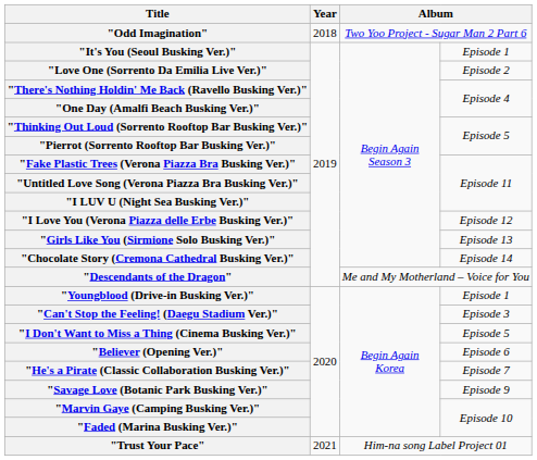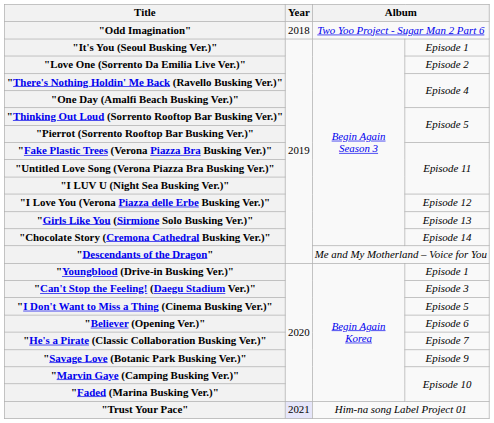 <table class="wikitable plainrowheaders" style="text-align:center;">
 <tr>
 <th>Title</th>
 <th>Year</th>
 <th colspan="2">Album</th>
 </tr>
 <tr>
 <th scope="row">"Odd Imagination" </th>
 <td>2018</td>
 <td colspan="2"><em><a href='#'>Two Yoo Project - Sugar Man 2 Part 6</a></em></td>
 </tr>
 <tr>
 <th scope="row">"It's You (Seoul Busking Ver.)" </th>
 <td rowspan="13">2019</td>
 <td rowspan="12"><em><a href='#'>Begin Again<br>Season 3</a></em></td>
 <td rowspan="1"><em>Episode 1</em></td>
 </tr>
 <tr>
 <th scope="row">"Love One (Sorrento Da Emilia Live Ver.)" </th>
 <td rowspan="1"><em>Episode 2</em></td>
 </tr>
 <tr>
 <th scope="row">"<a href='#'>There's Nothing Holdin' Me Back</a> (Ravello Busking Ver.)" </th>
 <td rowspan="2"><em>Episode 4</em></td>
 </tr>
 <tr>
 <th scope="row">"One Day (Amalfi Beach Busking Ver.)" </th>
 </tr>
 <tr>
 <th scope="row">"<a href='#'>Thinking Out Loud</a> (Sorrento Rooftop Bar Busking Ver.)" </th>
 <td rowspan="2"><em>Episode 5</em></td>
 </tr>
 <tr>
 <th scope="row">"Pierrot (Sorrento Rooftop Bar Busking Ver.)" </th>
 </tr>
 <tr>
 <th scope="row">"<a href='#'>Fake Plastic Trees</a> (Verona <a href='#'>Piazza Bra</a> Busking Ver.)" </th>
 <td rowspan="3"><em>Episode 11</em></td>
 </tr>
 <tr>
 <th scope="row">"Untitled Love Song (Verona Piazza Bra Busking Ver.)" </th>
 </tr>
 <tr>
 <th scope="row">"I LUV U (Night Sea Busking Ver.)" </th>
 </tr>
 <tr>
 <th scope="row">"I Love You (Verona <a href='#'>Piazza delle Erbe</a> Busking Ver.)" </th>
 <td rowspan="1"><em>Episode 12</em></td>
 </tr>
 <tr>
 <th scope="row">"<a href='#'>Girls Like You</a> (<a href='#'>Sirmione</a> Solo Busking Ver.)"</th>
 <td rowspan="1"><em>Episode 13</em></td>
 </tr>
 <tr>
 <th scope="row">"Chocolate Story (<a href='#'>Cremona Cathedral</a> Busking Ver.)" </th>
 <td rowspan="1"><em>Episode 14</em></td>
 </tr>
 <tr>
 <th scope="row">"<a href='#'>Descendants of the Dragon</a>" </th>
 <td colspan="2"><em>Me and My Motherland – Voice for You</em></td>
 </tr>
 <tr>
 <th scope="row">"<a href='#'>Youngblood</a> (Drive-in Busking Ver.)"</th>
 <td rowspan="8">2020</td>
 <td rowspan="8"><em><a href='#'>Begin Again<br>Korea</a></em></td>
 <td rowspan="1"><em>Episode 1</em></td>
 </tr>
 <tr>
 <th scope="row">"<a href='#'>Can't Stop the Feeling!</a> (<a href='#'>Daegu Stadium</a> Ver.)"</th>
 <td rowspan="1"><em>Episode 3</em></td>
 </tr>
 <tr>
 <th scope="row">"<a href='#'>I Don't Want to Miss a Thing</a> (Cinema Busking Ver.)"</th>
 <td rowspan="1"><em>Episode 5</em></td>
 </tr>
 <tr>
 <th scope="row">"<a href='#'>Believer</a> (Opening Ver.)"</th>
 <td rowspan="1"><em>Episode 6</em></td>
 </tr>
 <tr>
 <th scope="row">"<a href='#'>He's a Pirate</a> (Classic Collaboration Busking Ver.)" </th>
 <td rowspan="1"><em>Episode 7</em></td>
 </tr>
 <tr>
 <th scope="row">"<a href='#'>Savage Love</a> (Botanic Park Busking Ver.)"</th>
 <td rowspan="1"><em>Episode 9</em></td>
 </tr>
 <tr>
 <th scope="row">"<a href='#'>Marvin Gaye</a> (Camping Busking Ver.)" </th>
 <td rowspan="2"><em>Episode 10</em></td>
 </tr>
 <tr>
 <th scope="row">"<a href='#'>Faded</a> (Marina Busking Ver.)"</th>
 </tr>
 <tr>
 <th scope="row">"Trust Your Pace"</th>
-<td>2021</td>
+<td style="background: lavender;">2021</td>
 <td colspan="2"><em>Him-na song Label Project 01</em></td>
 </tr>
 </table>
